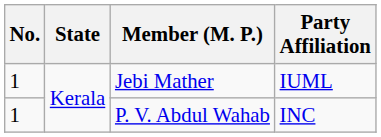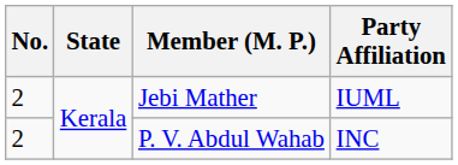 <table class="wikitable sortable" style="font-size: 95%;">
 <tr>
 <th>No.</th>
 <th>State</th>
 <th>Member (M. P.)</th>
 <th>Party Affiliation</th>
 </tr>
 <tr>
-<td>1</td>
+<td>2</td>
 <td rowspan="2"><a href='#'>Kerala</a></td>
 <td><a href='#'>Jebi Mather</a></td>
 <td width="4px" style="background-color: "><a href='#'><span>IUML</span></a></td>
 </tr>
 <tr>
-<td>1</td>
+<td>2</td>
 <td><a href='#'>P. V. Abdul Wahab</a></td>
 <td width="4px" style="background-color: "><a href='#'><span>INC</span></a></td>
 </tr>
 </table>
